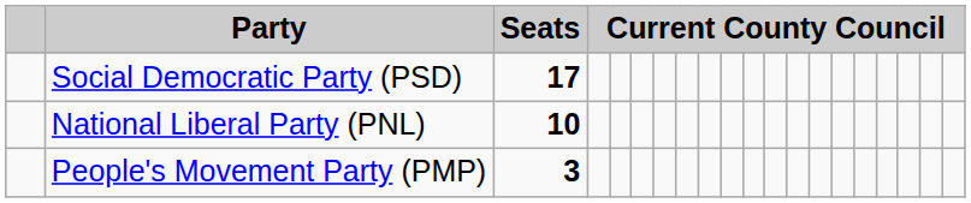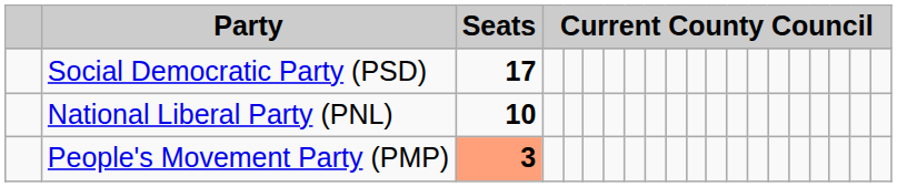 <table class="wikitable">
 <tr>
 <th style="background:#ccc">   </th>
 <th style="background:#ccc">Party</th>
 <th style="background:#ccc">Seats</th>
 <th style="background:#ccc" colspan="17">Current County Council</th>
 </tr>
 <tr>
 <td>  </td>
 <td><a href='#'>Social Democratic Party</a> (PSD)</td>
 <td style="text-align: right"><strong>17</strong></td>
 <td>  </td>
 <td>  </td>
 <td>  </td>
 <td>  </td>
 <td>  </td>
 <td>  </td>
 <td>  </td>
 <td>  </td>
 <td>  </td>
 <td>  </td>
 <td>  </td>
 <td>  </td>
 <td>  </td>
 <td>  </td>
 <td>  </td>
 <td>  </td>
 <td>  </td>
 </tr>
 <tr>
 <td>  </td>
 <td><a href='#'>National Liberal Party</a> (PNL)</td>
 <td style="text-align: right"><strong>10</strong></td>
 <td>  </td>
 <td>  </td>
 <td>  </td>
 <td>  </td>
 <td>  </td>
 <td>  </td>
 <td>  </td>
 <td>  </td>
 <td>  </td>
 <td>  </td>
 <td> </td>
 <td> </td>
 <td> </td>
 <td> </td>
 <td> </td>
 <td> </td>
 <td> </td>
 </tr>
 <tr>
 <td>  </td>
 <td><a href='#'>People's Movement Party</a> (PMP)</td>
-<td style="text-align: right"><strong>3</strong></td>
+<td style="background: lightsalmon; text-align: right"><strong>3</strong></td>
 <td>  </td>
 <td>  </td>
 <td>  </td>
 <td> </td>
 <td> </td>
 <td> </td>
 <td> </td>
 <td> </td>
 <td> </td>
 <td> </td>
 <td> </td>
 <td> </td>
 <td> </td>
 <td> </td>
 <td> </td>
 <td> </td>
 <td> </td>
 </tr>
 </table>
